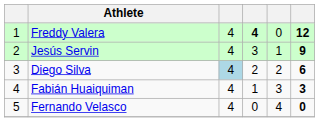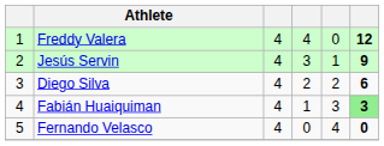 <table class="wikitable" style="text-align: center; font-size:100% ">
 <tr>
 <th width=25></th>
 <th width=250>Athlete</th>
 <th width=25></th>
 <th width=25></th>
 <th width=25></th>
 <th width=25></th>
 </tr>
 <tr bgcolor="ccffcc">
 <td>1</td>
 <td align=left> <a href='#'>Freddy Valera</a></td>
 <td>4</td>
-<td><strong>4</strong></td>
+<td>4</td>
 <td>0</td>
 <td><strong>12</strong></td>
 </tr>
 <tr bgcolor="ccffcc">
 <td>2</td>
 <td align=left> <a href='#'>Jesús Servin</a></td>
 <td>4</td>
 <td>3</td>
 <td>1</td>
 <td><strong>9</strong></td>
 </tr>
 <tr>
 <td>3</td>
 <td align=left> <a href='#'>Diego Silva</a></td>
-<td style="background: lightblue;">4</td>
+<td>4</td>
 <td>2</td>
 <td>2</td>
 <td><strong>6</strong></td>
 </tr>
 <tr>
 <td>4</td>
 <td align=left> <a href='#'>Fabián Huaiquiman</a></td>
 <td>4</td>
 <td>1</td>
 <td>3</td>
-<td><strong>3</strong></td>
+<td style="background: lightgreen;"><strong>3</strong></td>
 </tr>
 <tr>
 <td>5</td>
 <td align=left> <a href='#'>Fernando Velasco</a></td>
 <td>4</td>
 <td>0</td>
 <td>4</td>
 <td><strong>0</strong></td>
 </tr>
 <tr>
 </tr>
 </table>
